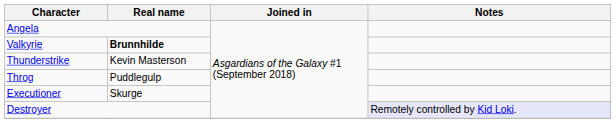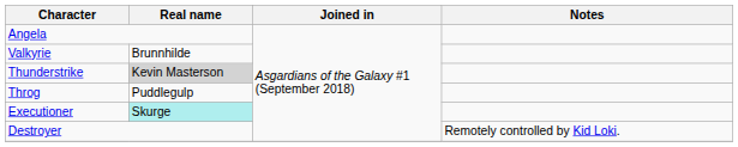 <table class="wikitable collapsible" style="width:75%; text-align:left; margin:1em auto 1em auto;">
 <tr>
 <th width=17%>Character</th>
 <th width=17%>Real name</th>
 <th width=26%>Joined in</th>
 <th width=40%>Notes</th>
 </tr>
 <tr>
 <td colspan="2"><a href='#'>Angela</a></td>
 <td rowspan="6"><em>Asgardians of the Galaxy</em> #1 (September 2018)</td>
 <td></td>
 </tr>
 <tr>
 <td><a href='#'>Valkyrie</a></td>
-<td><strong>Brunnhilde</strong></td>
+<td>Brunnhilde</td>
 <td></td>
 </tr>
 <tr>
 <td><a href='#'>Thunderstrike</a></td>
-<td>Kevin Masterson</td>
+<td style="background: lightgrey;">Kevin Masterson</td>
 <td></td>
 </tr>
 <tr>
 <td><a href='#'>Throg</a></td>
 <td>Puddlegulp</td>
 <td></td>
 </tr>
 <tr>
 <td><a href='#'>Executioner</a></td>
-<td>Skurge</td>
+<td style="background: paleturquoise;">Skurge</td>
 <td></td>
 </tr>
 <tr>
 <td colspan="2"><a href='#'>Destroyer</a></td>
-<td style="background: lavender;">Remotely controlled by <a href='#'>Kid Loki</a>.</td>
+<td>Remotely controlled by <a href='#'>Kid Loki</a>.</td>
 </tr>
 <tr>
 </tr>
 </table>
